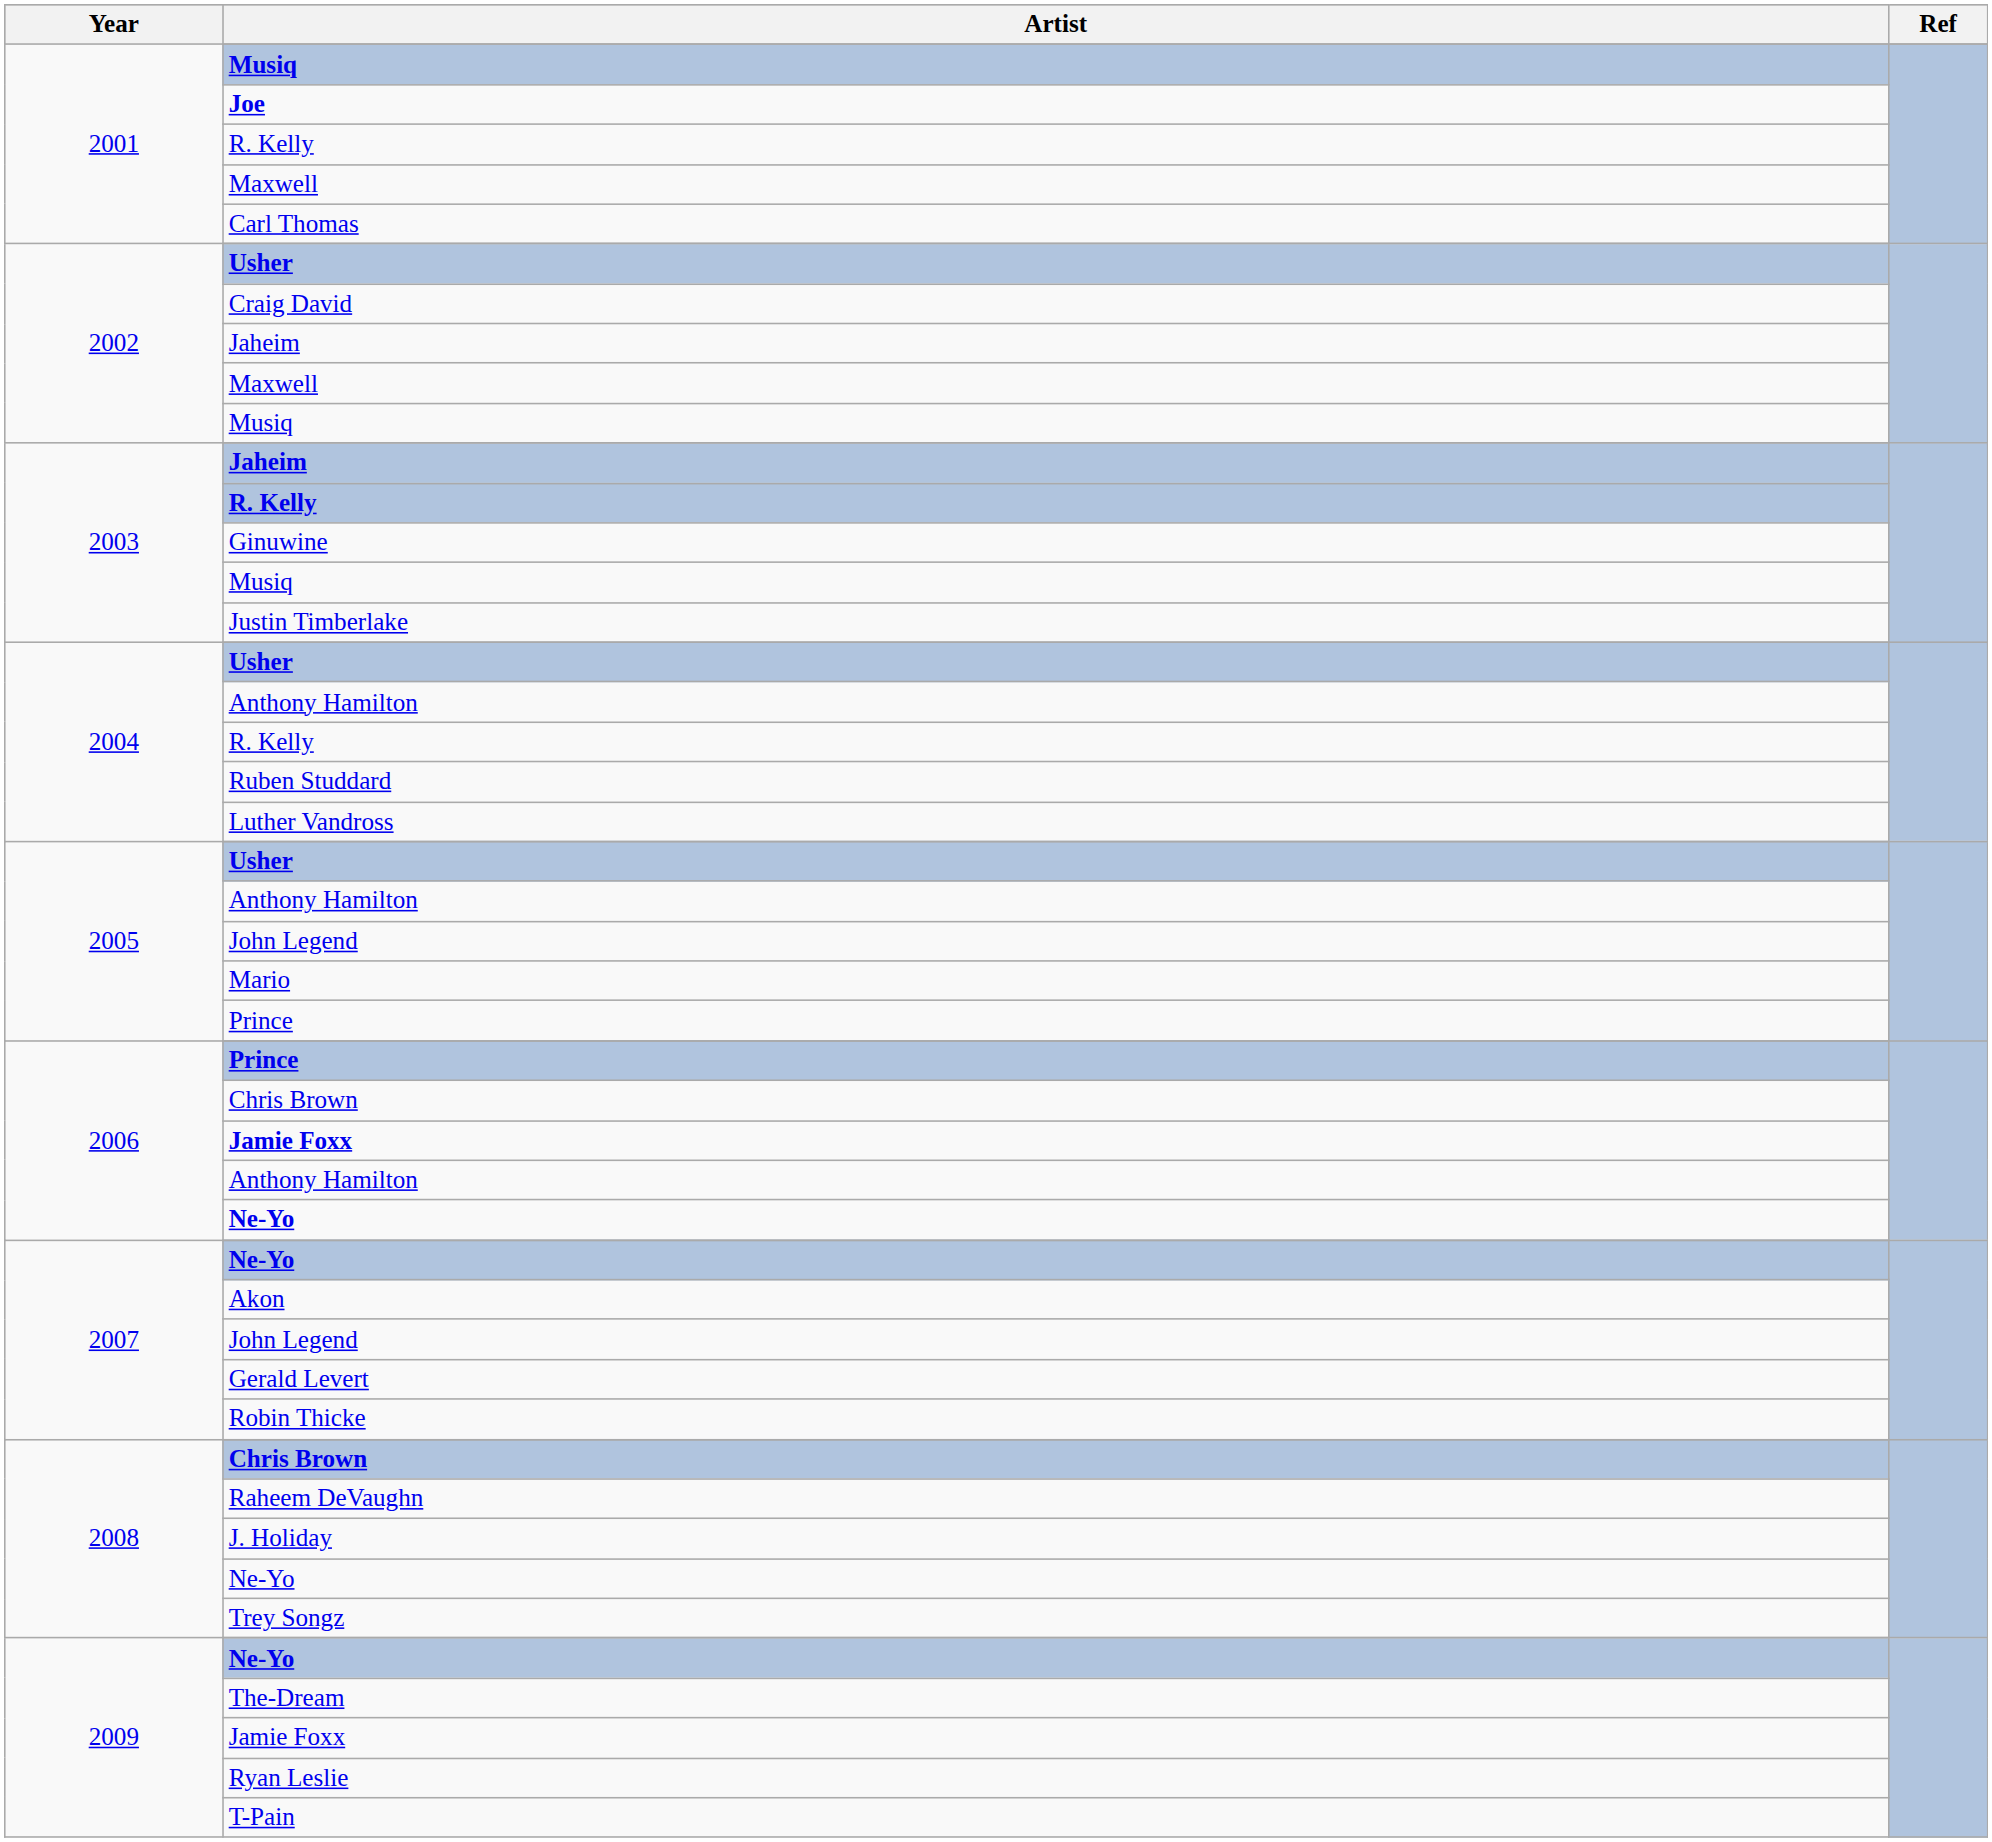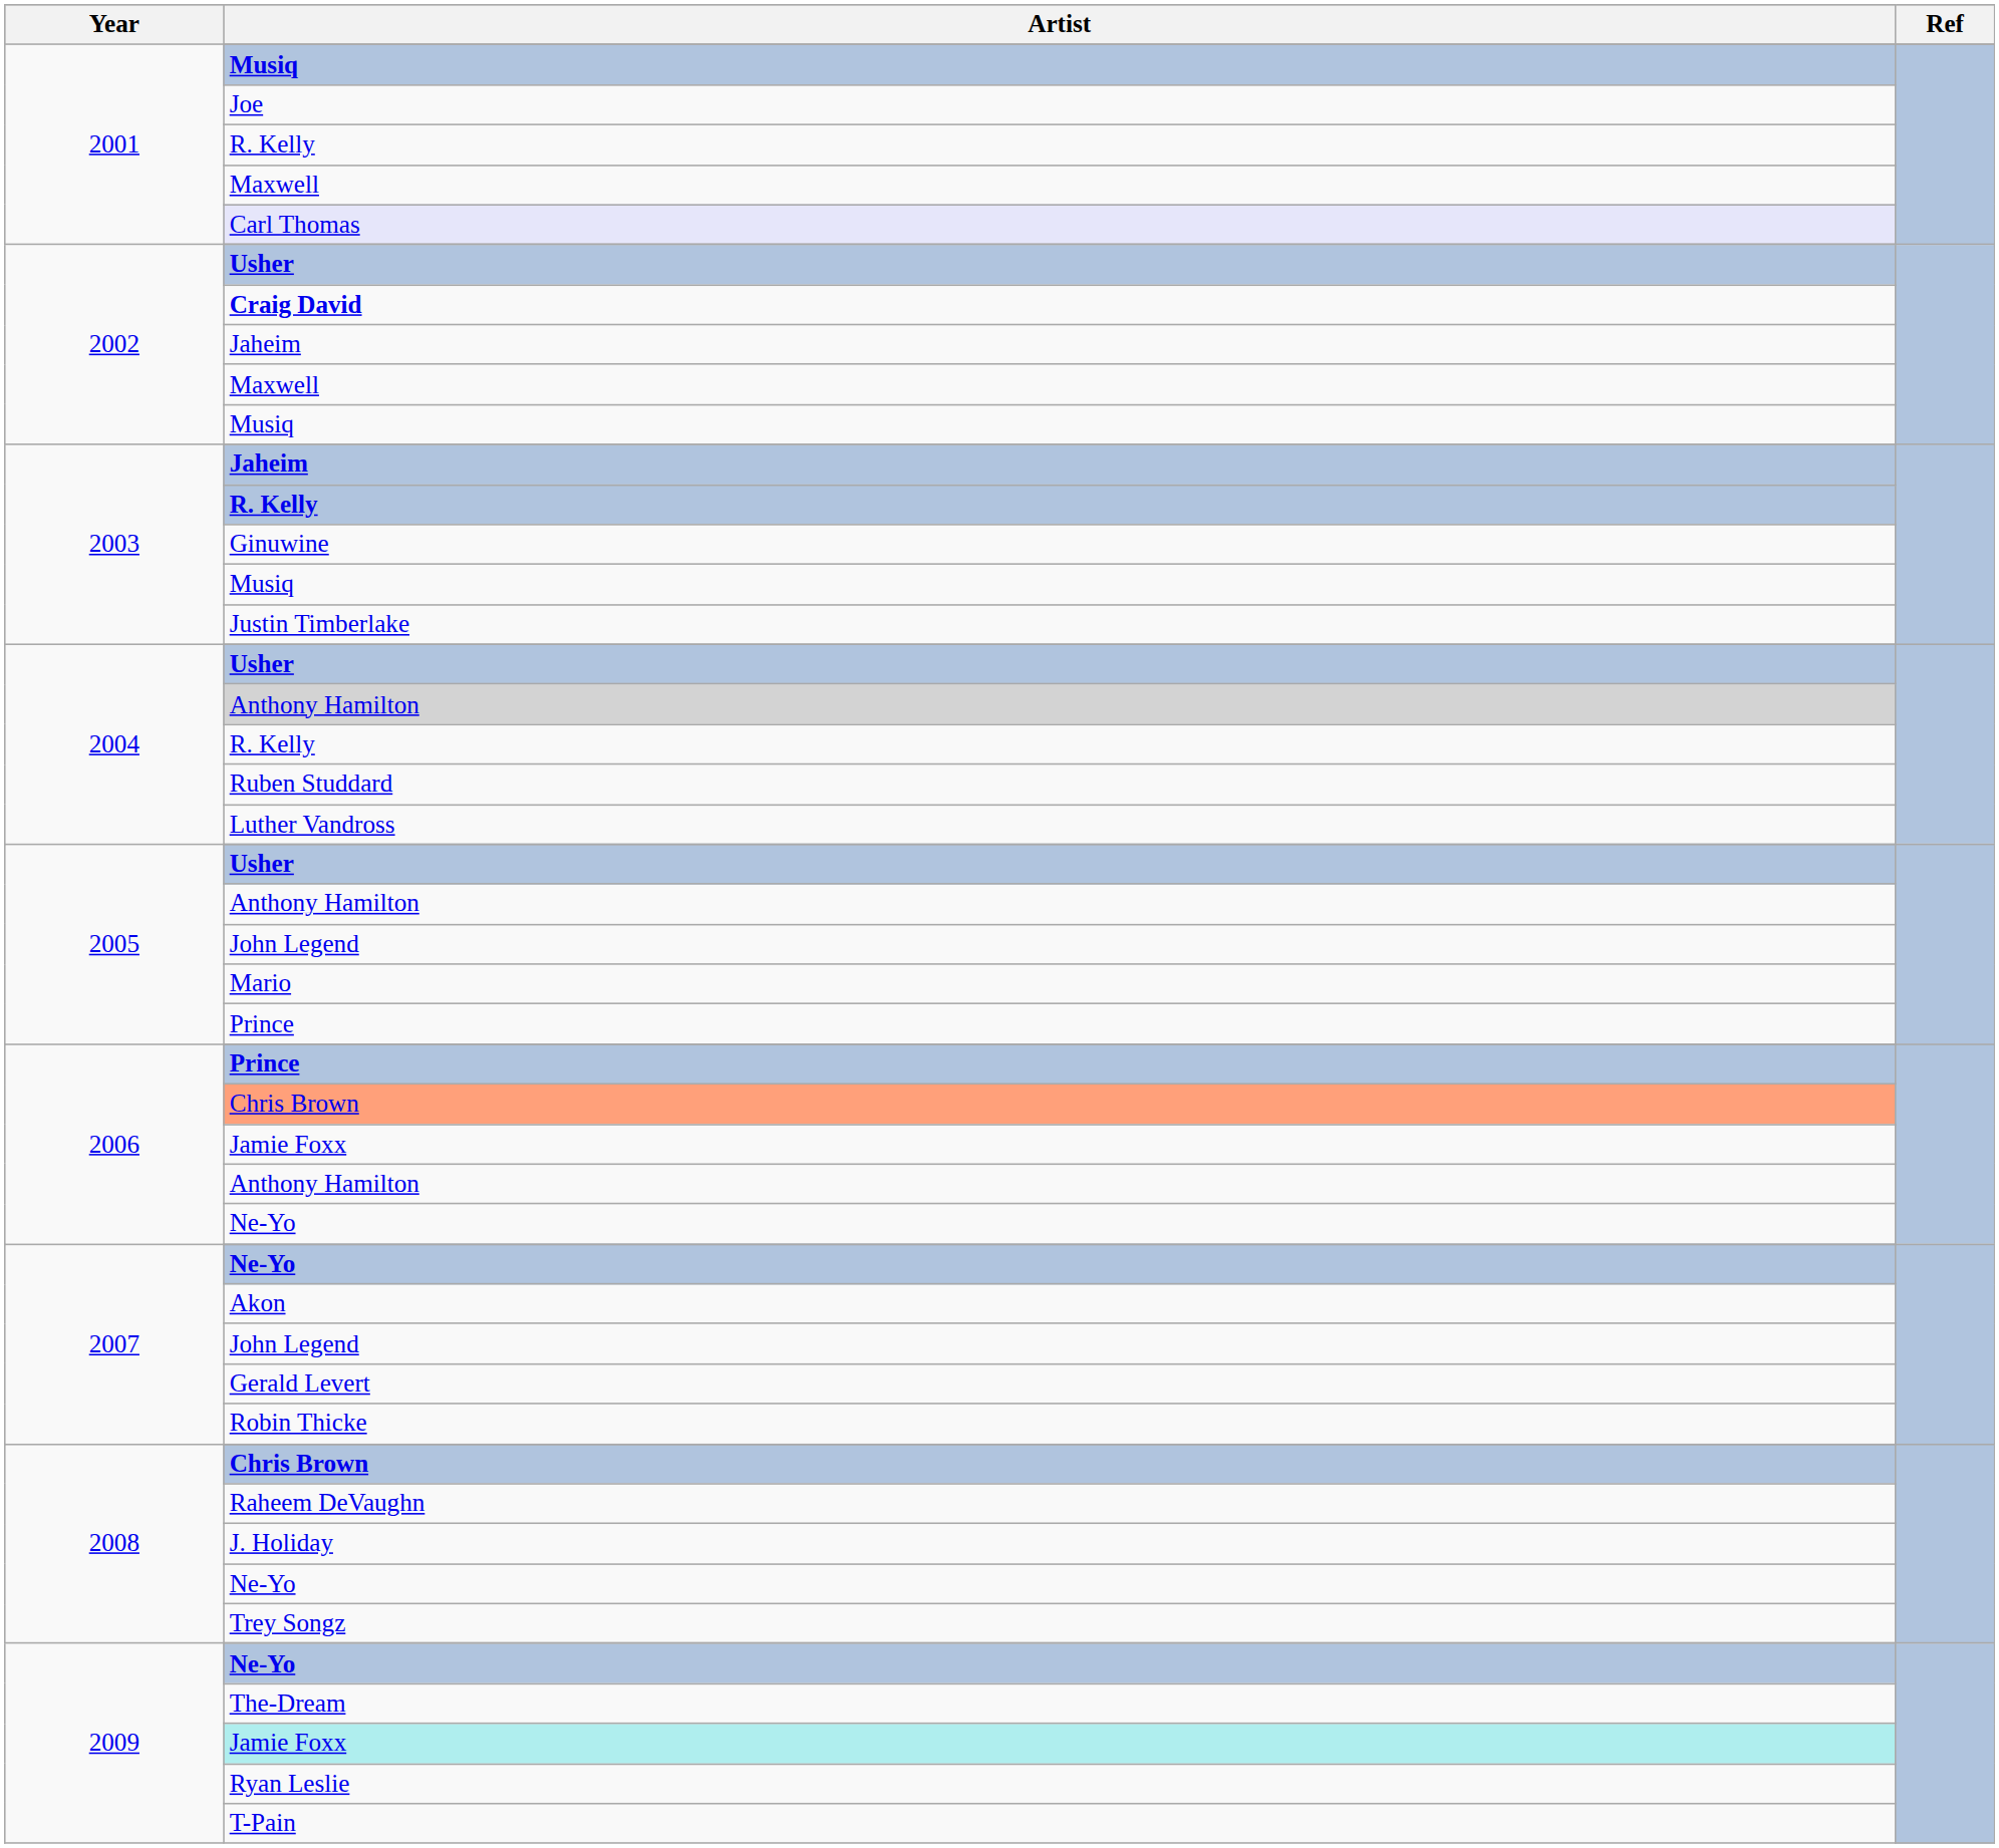 <table class="wikitable" style="width:100%;">
 <tr style="background:#bebebe;">
 <th style="width:11%;">Year</th>
 <th style="width:84%;">Artist</th>
 <th style="width:5%;">Ref</th>
 </tr>
 <tr>
 <td rowspan="6" align="center"><a href='#'>2001</a></td>
 </tr>
 <tr style="background:#B0C4DE">
 <td><strong><a href='#'>Musiq</a></strong></td>
 <td rowspan="6" align="center"></td>
 </tr>
 <tr>
-<td><strong><a href='#'>Joe</a></strong></td>
+<td><a href='#'>Joe</a></td>
 </tr>
 <tr>
 <td><a href='#'>R. Kelly</a></td>
 </tr>
 <tr>
 <td><a href='#'>Maxwell</a></td>
 </tr>
 <tr>
-<td><a href='#'>Carl Thomas</a></td>
+<td style="background: lavender;"><a href='#'>Carl Thomas</a></td>
 </tr>
 <tr>
 <td rowspan="6" align="center"><a href='#'>2002</a></td>
 </tr>
 <tr style="background:#B0C4DE">
 <td><strong><a href='#'>Usher</a></strong></td>
 <td rowspan="6" align="center"></td>
 </tr>
 <tr>
-<td><a href='#'>Craig David</a></td>
+<td><strong><a href='#'>Craig David</a></strong></td>
 </tr>
 <tr>
 <td><a href='#'>Jaheim</a></td>
 </tr>
 <tr>
 <td><a href='#'>Maxwell</a></td>
 </tr>
 <tr>
 <td><a href='#'>Musiq</a></td>
 </tr>
 <tr>
 <td rowspan="6" align="center"><a href='#'>2003</a></td>
 </tr>
 <tr style="background:#B0C4DE">
 <td><strong><a href='#'>Jaheim</a></strong></td>
 <td rowspan="6" align="center"></td>
 </tr>
 <tr style="background:#B0C4DE">
 <td><strong><a href='#'>R. Kelly</a></strong></td>
 </tr>
 <tr>
 <td><a href='#'>Ginuwine</a></td>
 </tr>
 <tr>
 <td><a href='#'>Musiq</a></td>
 </tr>
 <tr>
 <td><a href='#'>Justin Timberlake</a></td>
 </tr>
 <tr>
 <td rowspan="6" align="center"><a href='#'>2004</a></td>
 </tr>
 <tr style="background:#B0C4DE">
 <td><strong><a href='#'>Usher</a></strong></td>
 <td rowspan="6" align="center"></td>
 </tr>
 <tr>
-<td><a href='#'>Anthony Hamilton</a></td>
+<td style="background: lightgrey;"><a href='#'>Anthony Hamilton</a></td>
 </tr>
 <tr>
 <td><a href='#'>R. Kelly</a></td>
 </tr>
 <tr>
 <td><a href='#'>Ruben Studdard</a></td>
 </tr>
 <tr>
 <td><a href='#'>Luther Vandross</a></td>
 </tr>
 <tr>
 <td rowspan="6" align="center"><a href='#'>2005</a></td>
 </tr>
 <tr style="background:#B0C4DE">
 <td><strong><a href='#'>Usher</a></strong></td>
 <td rowspan="6" align="center"></td>
 </tr>
 <tr>
 <td><a href='#'>Anthony Hamilton</a></td>
 </tr>
 <tr>
 <td><a href='#'>John Legend</a></td>
 </tr>
 <tr>
 <td><a href='#'>Mario</a></td>
 </tr>
 <tr>
 <td><a href='#'>Prince</a></td>
 </tr>
 <tr>
 <td rowspan="6" align="center"><a href='#'>2006</a></td>
 </tr>
 <tr style="background:#B0C4DE">
 <td><strong><a href='#'>Prince</a></strong></td>
 <td rowspan="6" align="center"></td>
 </tr>
 <tr>
-<td><a href='#'>Chris Brown</a></td>
+<td style="background: lightsalmon;"><a href='#'>Chris Brown</a></td>
 </tr>
 <tr>
-<td><strong><a href='#'>Jamie Foxx</a></strong></td>
+<td><a href='#'>Jamie Foxx</a></td>
 </tr>
 <tr>
 <td><a href='#'>Anthony Hamilton</a></td>
 </tr>
 <tr>
-<td><strong><a href='#'>Ne-Yo</a></strong></td>
+<td><a href='#'>Ne-Yo</a></td>
 </tr>
 <tr>
 <td rowspan="6" align="center"><a href='#'>2007</a></td>
 </tr>
 <tr style="background:#B0C4DE">
 <td><strong><a href='#'>Ne-Yo</a></strong></td>
 <td rowspan="6" align="center"></td>
 </tr>
 <tr>
 <td><a href='#'>Akon</a></td>
 </tr>
 <tr>
 <td><a href='#'>John Legend</a></td>
 </tr>
 <tr>
 <td><a href='#'>Gerald Levert</a></td>
 </tr>
 <tr>
 <td><a href='#'>Robin Thicke</a></td>
 </tr>
 <tr>
 <td rowspan="6" align="center"><a href='#'>2008</a></td>
 </tr>
 <tr style="background:#B0C4DE">
 <td><strong><a href='#'>Chris Brown</a></strong></td>
 <td rowspan="6" align="center"></td>
 </tr>
 <tr>
 <td><a href='#'>Raheem DeVaughn</a></td>
 </tr>
 <tr>
 <td><a href='#'>J. Holiday</a></td>
 </tr>
 <tr>
 <td><a href='#'>Ne-Yo</a></td>
 </tr>
 <tr>
 <td><a href='#'>Trey Songz</a></td>
 </tr>
 <tr>
 <td rowspan="6" align="center"><a href='#'>2009</a></td>
 </tr>
 <tr style="background:#B0C4DE">
 <td><strong><a href='#'>Ne-Yo</a></strong></td>
 <td rowspan="6" align="center"></td>
 </tr>
 <tr>
 <td><a href='#'>The-Dream</a></td>
 </tr>
 <tr>
-<td><a href='#'>Jamie Foxx</a></td>
+<td style="background: paleturquoise;"><a href='#'>Jamie Foxx</a></td>
 </tr>
 <tr>
 <td><a href='#'>Ryan Leslie</a></td>
 </tr>
 <tr>
 <td><a href='#'>T-Pain</a></td>
 </tr>
 </table>
